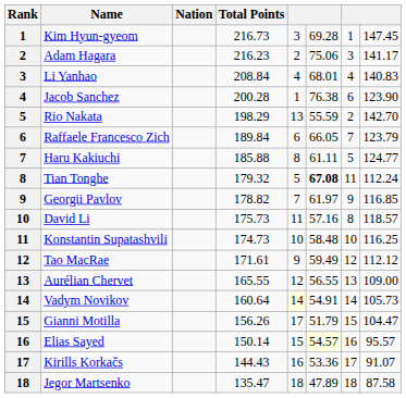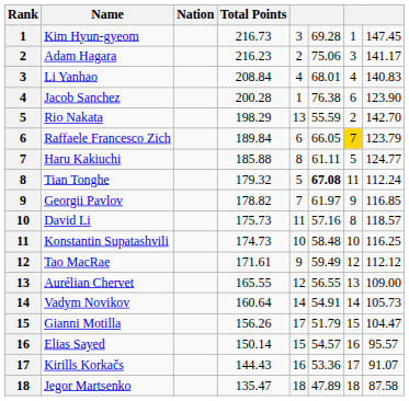 <table class="wikitable sortable" style="text-align:center">
 <tr>
 <th>Rank</th>
 <th>Name</th>
 <th>Nation</th>
 <th>Total Points</th>
 <th colspan=2></th>
 <th colspan=2></th>
 </tr>
 <tr>
 <th>1</th>
 <td align="left"><a href='#'>Kim Hyun-gyeom</a></td>
 <td align="left"></td>
 <td>216.73</td>
 <td>3</td>
 <td>69.28</td>
 <td>1</td>
 <td>147.45</td>
 </tr>
 <tr>
 <th>2</th>
 <td align="left"><a href='#'>Adam Hagara</a></td>
 <td align="left"></td>
 <td>216.23</td>
 <td>2</td>
 <td>75.06</td>
 <td>3</td>
 <td>141.17</td>
 </tr>
 <tr>
 <th>3</th>
 <td align="left"><a href='#'>Li Yanhao</a></td>
 <td align="left"></td>
 <td>208.84</td>
 <td>4</td>
 <td>68.01</td>
 <td>4</td>
 <td>140.83</td>
 </tr>
 <tr>
 <th>4</th>
 <td align="left"><a href='#'>Jacob Sanchez</a></td>
 <td align="left"></td>
 <td>200.28</td>
 <td>1</td>
 <td>76.38</td>
 <td>6</td>
 <td>123.90</td>
 </tr>
 <tr>
 <th>5</th>
 <td align="left"><a href='#'>Rio Nakata</a></td>
 <td align="left"></td>
 <td>198.29</td>
 <td>13</td>
 <td>55.59</td>
 <td>2</td>
 <td>142.70</td>
 </tr>
 <tr>
 <th>6</th>
 <td align="left"><a href='#'>Raffaele Francesco Zich</a></td>
 <td align="left"></td>
 <td>189.84</td>
 <td>6</td>
 <td>66.05</td>
-<td>7</td>
+<td style="background: gold;">7</td>
 <td>123.79</td>
 </tr>
 <tr>
 <th>7</th>
 <td align="left"><a href='#'>Haru Kakiuchi</a></td>
 <td align="left"></td>
 <td>185.88</td>
 <td>8</td>
 <td>61.11</td>
 <td>5</td>
 <td>124.77</td>
 </tr>
 <tr>
 <th>8</th>
 <td align="left"><a href='#'>Tian Tonghe</a></td>
 <td align="left"></td>
 <td>179.32</td>
 <td>5</td>
 <td><strong>67.08</strong></td>
 <td>11</td>
 <td>112.24</td>
 </tr>
 <tr>
 <th>9</th>
 <td align="left"><a href='#'>Georgii Pavlov</a></td>
 <td align="left"></td>
 <td>178.82</td>
 <td>7</td>
 <td>61.97</td>
 <td>9</td>
 <td>116.85</td>
 </tr>
 <tr>
 <th>10</th>
 <td align="left"><a href='#'>David Li</a></td>
 <td align="left"></td>
 <td>175.73</td>
 <td>11</td>
 <td>57.16</td>
 <td>8</td>
 <td>118.57</td>
 </tr>
 <tr>
 <th>11</th>
 <td align="left"><a href='#'>Konstantin Supatashvili</a></td>
 <td align="left"></td>
 <td>174.73</td>
 <td>10</td>
 <td>58.48</td>
 <td>10</td>
 <td>116.25</td>
 </tr>
 <tr>
 <th>12</th>
 <td align="left"><a href='#'>Tao MacRae</a></td>
 <td align="left"></td>
 <td>171.61</td>
 <td>9</td>
 <td>59.49</td>
 <td>12</td>
 <td>112.12</td>
 </tr>
 <tr>
 <th>13</th>
 <td align="left"><a href='#'>Aurélian Chervet</a></td>
 <td align="left"></td>
 <td>165.55</td>
 <td>12</td>
 <td>56.55</td>
 <td>13</td>
 <td>109.00</td>
 </tr>
 <tr>
 <th>14</th>
 <td align="left"><a href='#'>Vadym Novikov</a></td>
 <td align="left"></td>
 <td>160.64</td>
-<td style="background: lightyellow;">14</td>
+<td>14</td>
 <td>54.91</td>
 <td>14</td>
 <td>105.73</td>
 </tr>
 <tr>
 <th>15</th>
 <td align="left"><a href='#'>Gianni Motilla</a></td>
 <td align="left"></td>
 <td>156.26</td>
 <td>17</td>
 <td>51.79</td>
 <td>15</td>
 <td>104.47</td>
 </tr>
 <tr>
 <th>16</th>
 <td align="left"><a href='#'>Elias Sayed</a></td>
 <td align="left"></td>
 <td>150.14</td>
 <td>15</td>
-<td style="background: lightyellow;">54.57</td>
+<td>54.57</td>
 <td>16</td>
 <td>95.57</td>
 </tr>
 <tr>
 <th>17</th>
 <td align="left"><a href='#'>Kirills Korkačs</a></td>
 <td align="left"></td>
 <td>144.43</td>
 <td>16</td>
 <td>53.36</td>
 <td>17</td>
 <td>91.07</td>
 </tr>
 <tr>
 <th>18</th>
 <td align="left"><a href='#'>Jegor Martsenko</a></td>
 <td align="left"></td>
 <td>135.47</td>
 <td>18</td>
 <td>47.89</td>
 <td>18</td>
 <td>87.58</td>
 </tr>
 </table>
